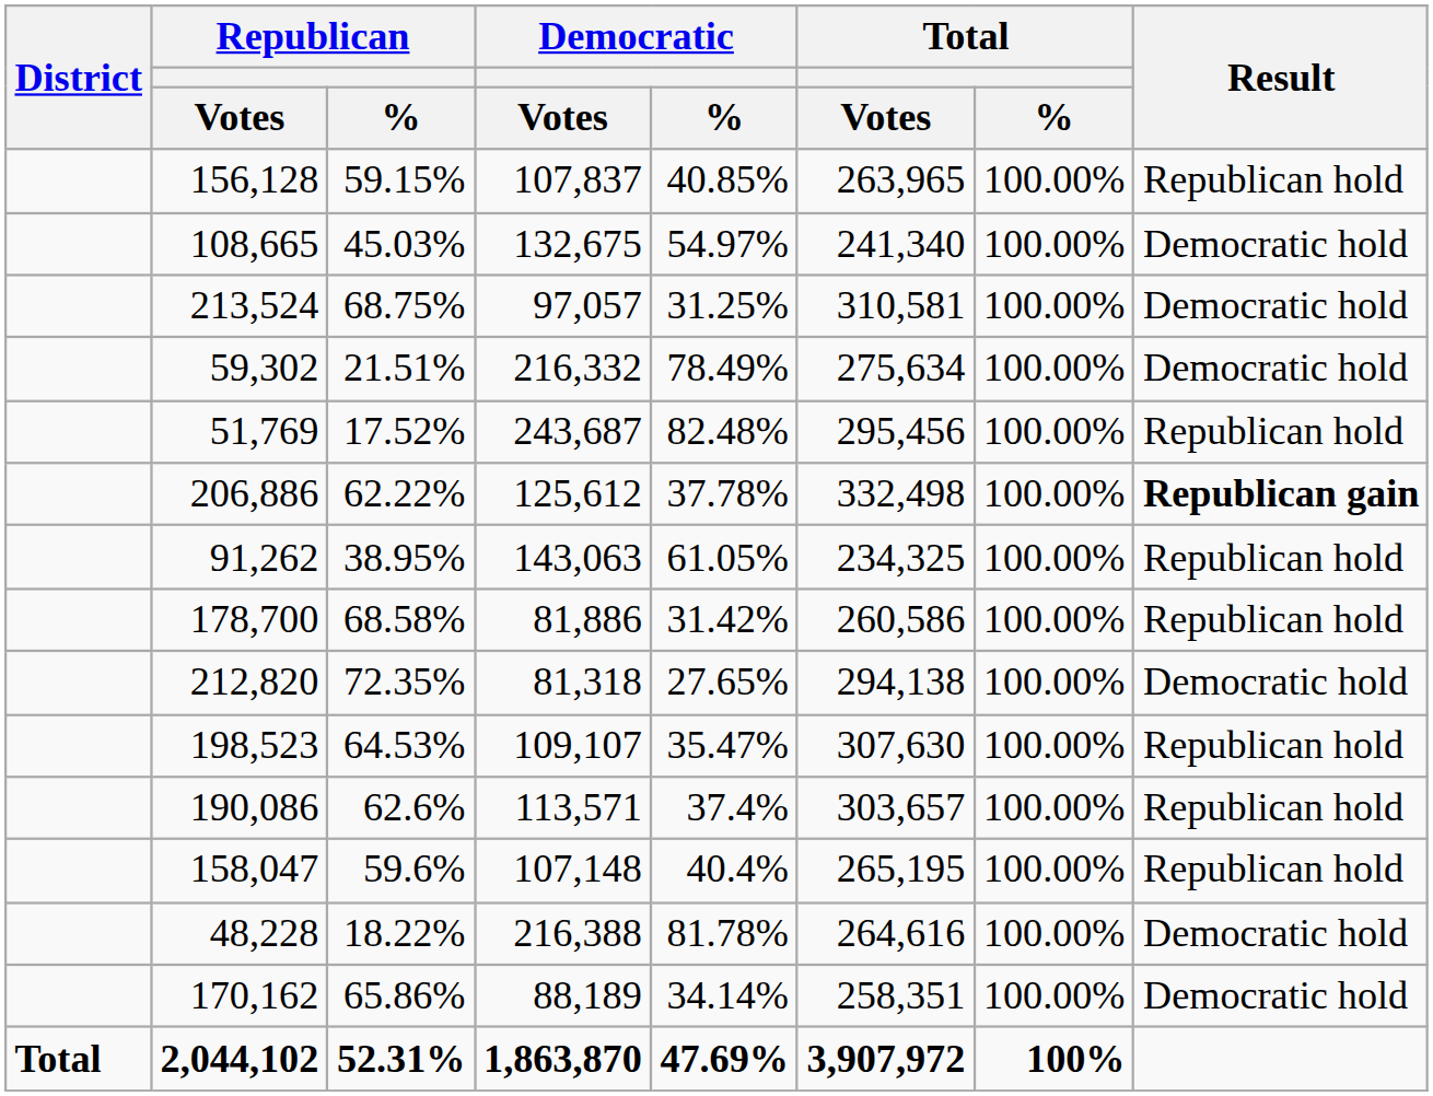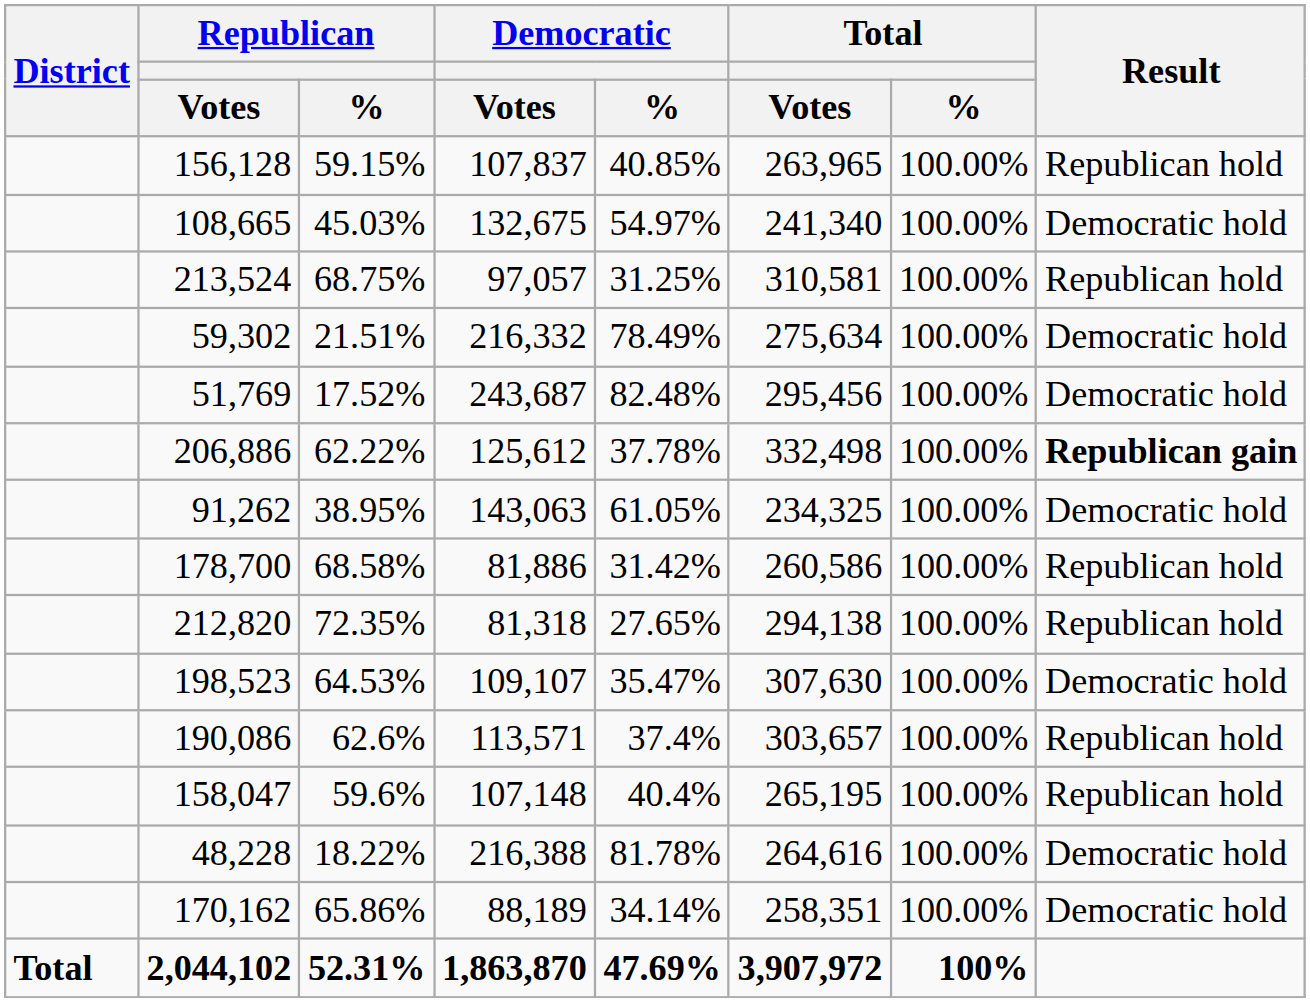 <table class="wikitable plainrowheaders sortable" style="font-size:100%; text-align:right;">
 <tr>
 <th scope=col rowspan=3><a href='#'>District</a></th>
 <th scope=col colspan=2><a href='#'>Republican</a></th>
 <th scope=col colspan=2><a href='#'>Democratic</a></th>
 <th scope=col colspan=2>Total</th>
 <th scope=col rowspan=3>Result</th>
 </tr>
 <tr>
 <th scope=col colspan=2 style="background:"></th>
 <th scope=col colspan=2 style="background:"></th>
 <th scope=col colspan=2></th>
 </tr>
 <tr>
 <th scope=col data-sort-type="number">Votes</th>
 <th scope=col data-sort-type="number">%</th>
 <th scope=col data-sort-type="number">Votes</th>
 <th scope=col data-sort-type="number">%</th>
 <th scope=col data-sort-type="number">Votes</th>
 <th scope=col data-sort-type="number">%</th>
 </tr>
 <tr>
 <td align=left></td>
 <td>156,128</td>
 <td>59.15%</td>
 <td>107,837</td>
 <td>40.85%</td>
 <td>263,965</td>
 <td>100.00%</td>
 <td align=left>Republican hold</td>
 </tr>
 <tr>
 <td align=left></td>
 <td>108,665</td>
 <td>45.03%</td>
 <td>132,675</td>
 <td>54.97%</td>
 <td>241,340</td>
 <td>100.00%</td>
 <td align=left>Democratic hold</td>
 </tr>
 <tr>
 <td align=left></td>
 <td>213,524</td>
 <td>68.75%</td>
 <td>97,057</td>
 <td>31.25%</td>
 <td>310,581</td>
 <td>100.00%</td>
-<td align=left>Democratic hold</td>
+<td align=left>Republican hold</td>
 </tr>
 <tr>
 <td align=left></td>
 <td>59,302</td>
 <td>21.51%</td>
 <td>216,332</td>
 <td>78.49%</td>
 <td>275,634</td>
 <td>100.00%</td>
 <td align=left>Democratic hold</td>
 </tr>
 <tr>
 <td align=left></td>
 <td>51,769</td>
 <td>17.52%</td>
 <td>243,687</td>
 <td>82.48%</td>
 <td>295,456</td>
 <td>100.00%</td>
-<td align=left>Republican hold</td>
+<td align=left>Democratic hold</td>
 </tr>
 <tr>
 <td align=left></td>
 <td>206,886</td>
 <td>62.22%</td>
 <td>125,612</td>
 <td>37.78%</td>
 <td>332,498</td>
 <td>100.00%</td>
 <td align=left><strong>Republican gain</strong></td>
 </tr>
 <tr>
 <td align=left></td>
 <td>91,262</td>
 <td>38.95%</td>
 <td>143,063</td>
 <td>61.05%</td>
 <td>234,325</td>
 <td>100.00%</td>
-<td align=left>Republican hold</td>
+<td align=left>Democratic hold</td>
 </tr>
 <tr>
 <td align=left></td>
 <td>178,700</td>
 <td>68.58%</td>
 <td>81,886</td>
 <td>31.42%</td>
 <td>260,586</td>
 <td>100.00%</td>
 <td align=left>Republican hold</td>
 </tr>
 <tr>
 <td align=left></td>
 <td>212,820</td>
 <td>72.35%</td>
 <td>81,318</td>
 <td>27.65%</td>
 <td>294,138</td>
 <td>100.00%</td>
-<td align=left>Democratic hold</td>
+<td align=left>Republican hold</td>
 </tr>
 <tr>
 <td align=left></td>
 <td>198,523</td>
 <td>64.53%</td>
 <td>109,107</td>
 <td>35.47%</td>
 <td>307,630</td>
 <td>100.00%</td>
-<td align=left>Republican hold</td>
+<td align=left>Democratic hold</td>
 </tr>
 <tr>
 <td align=left></td>
 <td>190,086</td>
 <td>62.6%</td>
 <td>113,571</td>
 <td>37.4%</td>
 <td>303,657</td>
 <td>100.00%</td>
 <td align=left>Republican hold</td>
 </tr>
 <tr>
 <td align=left></td>
 <td>158,047</td>
 <td>59.6%</td>
 <td>107,148</td>
 <td>40.4%</td>
 <td>265,195</td>
 <td>100.00%</td>
 <td align=left>Republican hold</td>
 </tr>
 <tr>
 <td align=left></td>
 <td>48,228</td>
 <td>18.22%</td>
 <td>216,388</td>
 <td>81.78%</td>
 <td>264,616</td>
 <td>100.00%</td>
 <td align=left>Democratic hold</td>
 </tr>
 <tr>
 <td align=left></td>
 <td>170,162</td>
 <td>65.86%</td>
 <td>88,189</td>
 <td>34.14%</td>
 <td>258,351</td>
 <td>100.00%</td>
 <td align=left>Democratic hold</td>
 </tr>
 <tr class="sortbottom" style="font-weight:bold">
 <td align=left>Total</td>
 <td>2,044,102</td>
 <td>52.31%</td>
 <td>1,863,870</td>
 <td>47.69%</td>
 <td>3,907,972</td>
 <td>100%</td>
 <td></td>
 </tr>
 </table>
